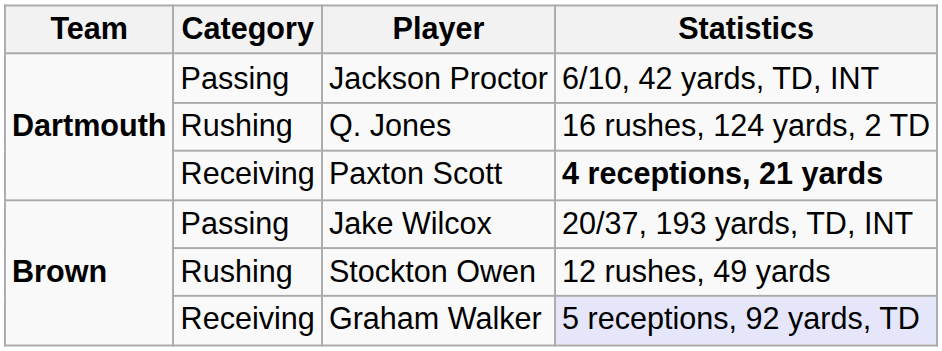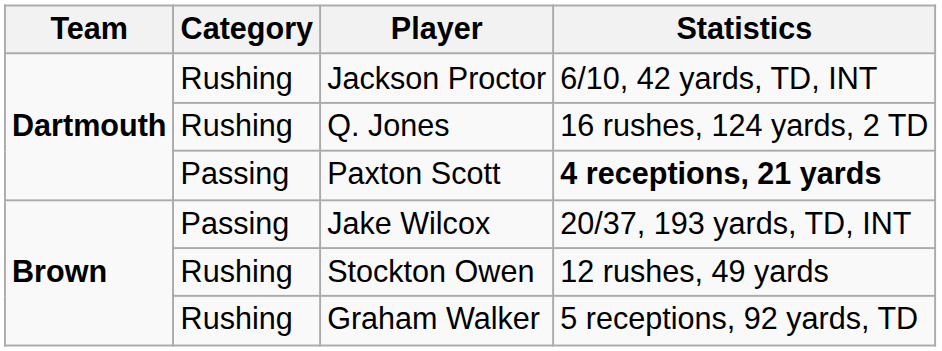 <table class="wikitable" style="float: left;">
 <tr>
 <th>Team</th>
 <th>Category</th>
 <th>Player</th>
 <th>Statistics</th>
 </tr>
 <tr>
 <td rowspan=3><strong>Dartmouth</strong></td>
-<td>Passing</td>
+<td>Rushing</td>
 <td>Jackson Proctor</td>
 <td>6/10, 42 yards, TD, INT</td>
 </tr>
 <tr>
 <td>Rushing</td>
 <td>Q. Jones</td>
 <td>16 rushes, 124 yards, 2 TD</td>
 </tr>
 <tr>
-<td>Receiving</td>
+<td>Passing</td>
 <td>Paxton Scott</td>
 <td><strong>4 receptions, 21 yards</strong></td>
 </tr>
 <tr>
 <td rowspan=3><strong>Brown</strong></td>
 <td>Passing</td>
 <td>Jake Wilcox</td>
 <td>20/37, 193 yards, TD, INT</td>
 </tr>
 <tr>
 <td>Rushing</td>
 <td>Stockton Owen</td>
 <td>12 rushes, 49 yards</td>
 </tr>
 <tr>
-<td>Receiving</td>
+<td>Rushing</td>
 <td>Graham Walker</td>
-<td style="background: lavender;">5 receptions, 92 yards, TD</td>
+<td>5 receptions, 92 yards, TD</td>
 </tr>
 </table>
